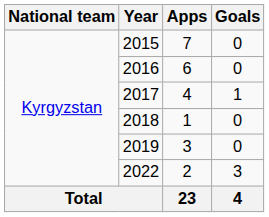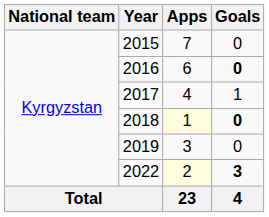 <table class="wikitable" style="text-align:center">
 <tr>
 <th>National team</th>
 <th>Year</th>
 <th>Apps</th>
 <th>Goals</th>
 </tr>
 <tr>
 <td rowspan="6"><a href='#'>Kyrgyzstan</a></td>
 <td>2015</td>
 <td>7</td>
 <td>0</td>
 </tr>
 <tr>
 <td>2016</td>
 <td>6</td>
-<td>0</td>
+<td><strong>0</strong></td>
 </tr>
 <tr>
 <td>2017</td>
 <td>4</td>
 <td>1</td>
 </tr>
 <tr>
 <td>2018</td>
-<td>1</td>
-<td>0</td>
+<td style="background: lightyellow;">1</td>
+<td><strong>0</strong></td>
 </tr>
 <tr>
 <td>2019</td>
 <td>3</td>
 <td>0</td>
 </tr>
 <tr>
 <td>2022</td>
-<td>2</td>
-<td>3</td>
+<td style="background: lightyellow;">2</td>
+<td><strong>3</strong></td>
 </tr>
 <tr>
 <th colspan="2">Total</th>
 <th>23</th>
 <th>4</th>
 </tr>
 </table>
